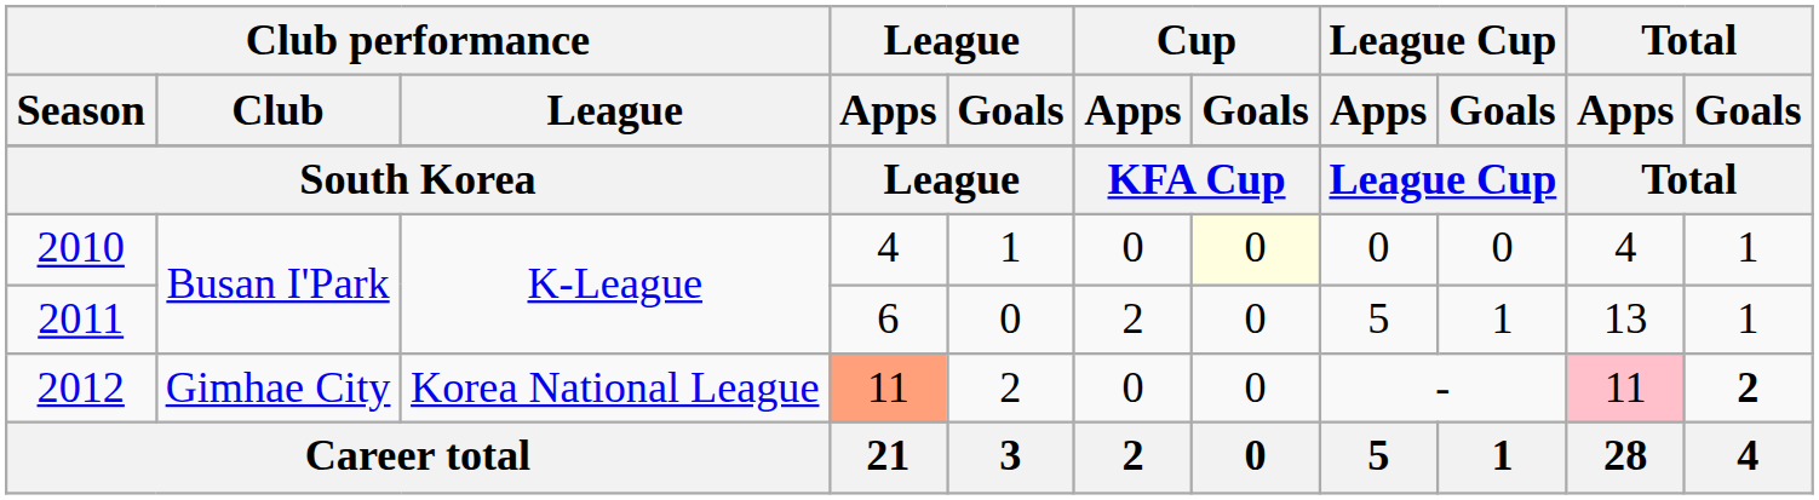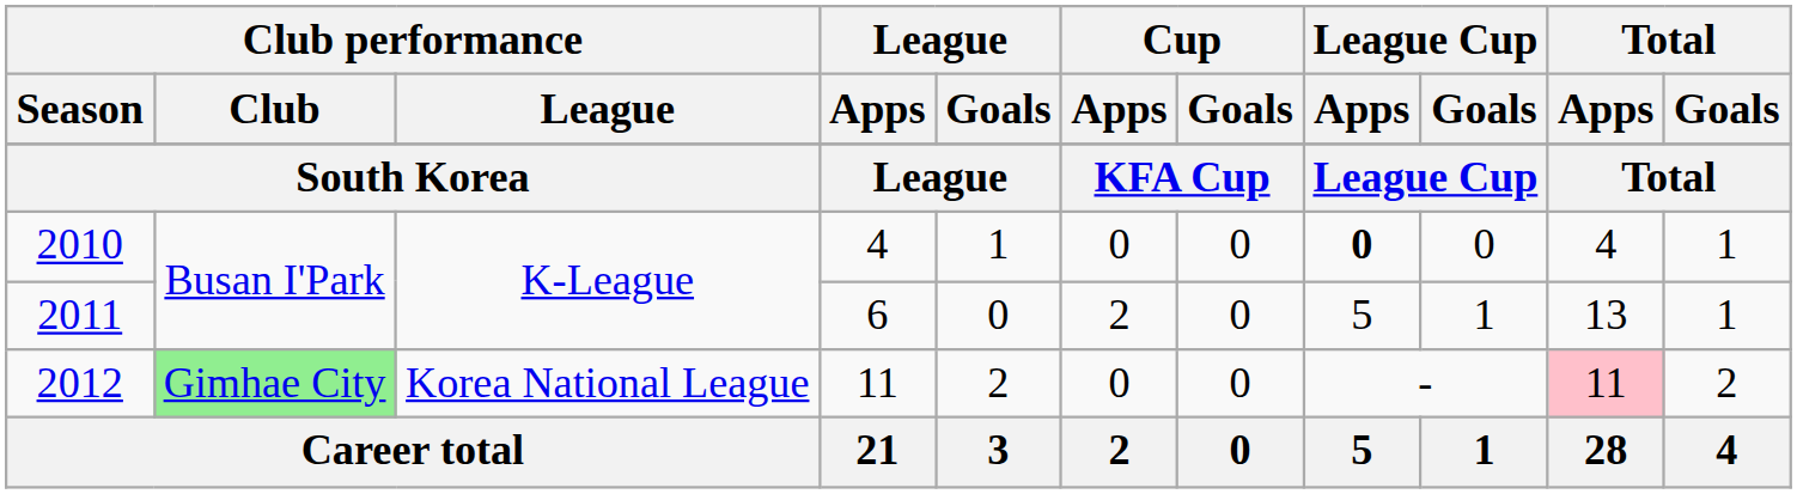 <table class="wikitable" style="text-align:center">
 <tr>
 <th colspan=3>Club performance</th>
 <th colspan=2>League</th>
 <th colspan=2>Cup</th>
 <th colspan=2>League Cup</th>
 <th colspan=2>Total</th>
 </tr>
 <tr>
 <th>Season</th>
 <th>Club</th>
 <th>League</th>
 <th>Apps</th>
 <th>Goals</th>
 <th>Apps</th>
 <th>Goals</th>
 <th>Apps</th>
 <th>Goals</th>
 <th>Apps</th>
 <th>Goals</th>
 </tr>
 <tr>
 </tr>
 <tr>
 <th colspan=3>South Korea</th>
 <th colspan=2>League</th>
 <th colspan=2><a href='#'>KFA Cup</a></th>
 <th colspan=2><a href='#'>League Cup</a></th>
 <th colspan=2>Total</th>
 </tr>
 <tr>
 <td><a href='#'>2010</a></td>
 <td rowspan="2"><a href='#'>Busan I'Park</a></td>
 <td rowspan="2"><a href='#'>K-League</a></td>
 <td>4</td>
 <td>1</td>
 <td>0</td>
-<td style="background: lightyellow;">0</td>
 <td>0</td>
+<td><strong>0</strong></td>
 <td>0</td>
 <td>4</td>
 <td>1</td>
 </tr>
 <tr>
 <td><a href='#'>2011</a></td>
 <td>6</td>
 <td>0</td>
 <td>2</td>
 <td>0</td>
 <td>5</td>
 <td>1</td>
 <td>13</td>
 <td>1</td>
 </tr>
 <tr>
 <td><a href='#'>2012</a></td>
-<td rowspan="1"><a href='#'>Gimhae City</a></td>
+<td rowspan="1" style="background: lightgreen;"><a href='#'>Gimhae City</a></td>
 <td rowspan="1"><a href='#'>Korea National League</a></td>
-<td style="background: lightsalmon;">11</td>
+<td>11</td>
 <td>2</td>
 <td>0</td>
 <td>0</td>
 <td colspan="2">-</td>
 <td style="background: pink;">11</td>
-<td><strong>2</strong></td>
+<td>2</td>
 </tr>
 <tr>
 <th colspan=3>Career total</th>
 <th>21</th>
 <th>3</th>
 <th>2</th>
 <th>0</th>
 <th>5</th>
 <th>1</th>
 <th>28</th>
 <th>4</th>
 </tr>
 </table>
